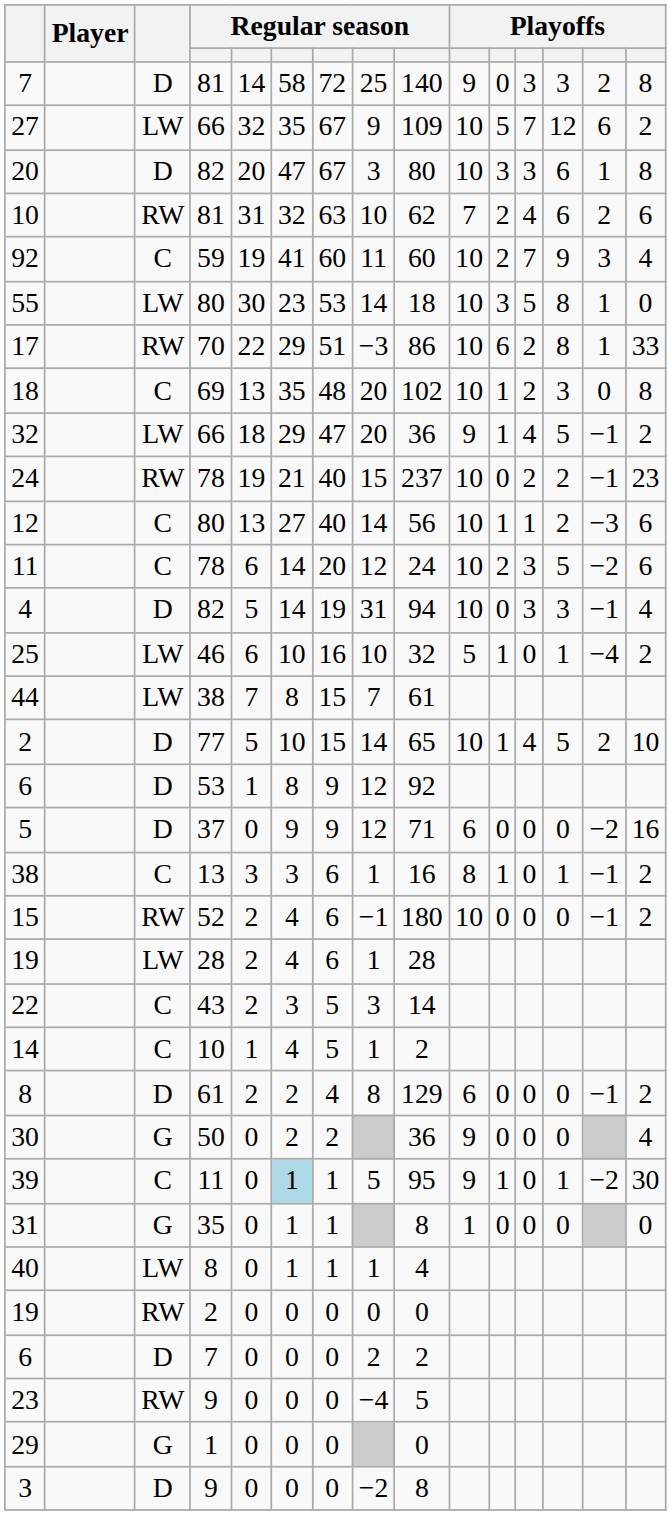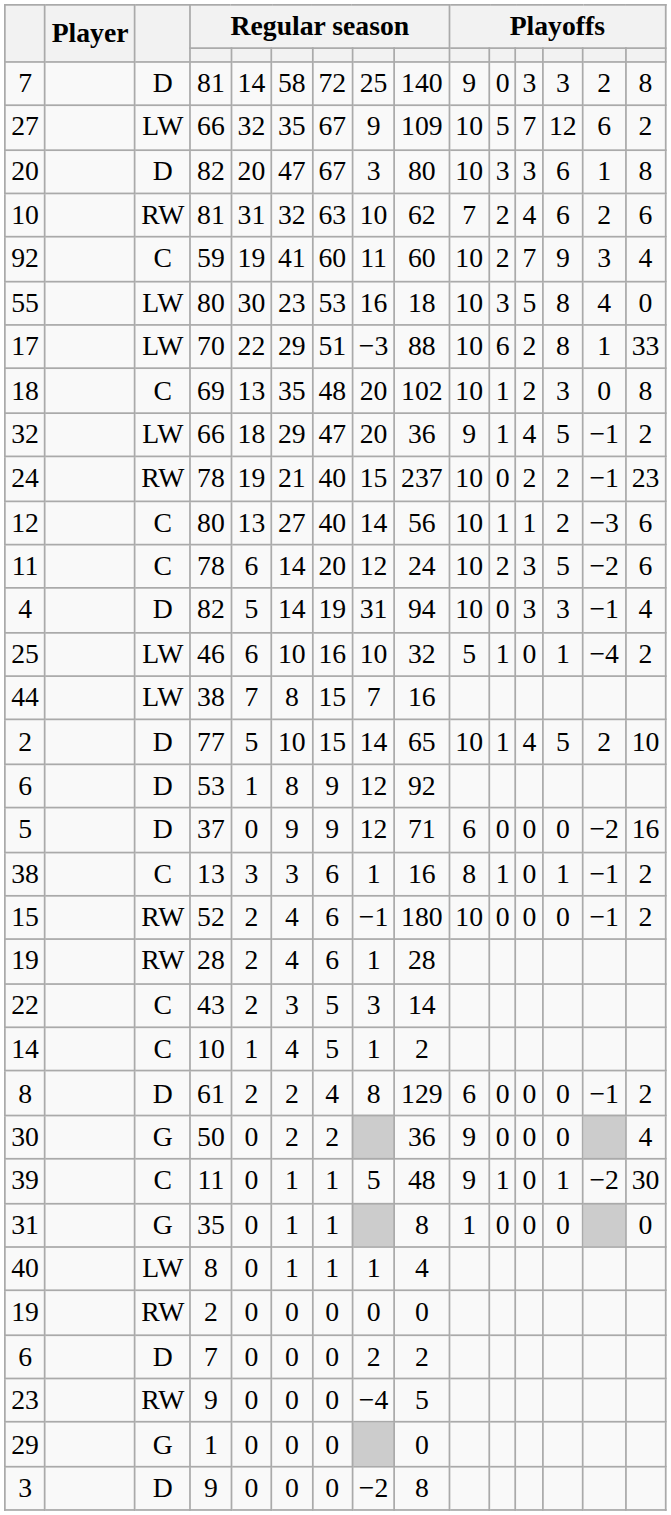 <table class="wikitable sortable plainrowheaders" style="text-align:center;">
 <tr>
 <th scope="col" data-sort-type="number" rowspan="2"></th>
 <th scope="col" rowspan="2">Player</th>
 <th scope="col" rowspan="2"></th>
 <th scope=colgroup colspan=6>Regular season</th>
 <th scope=colgroup colspan=6>Playoffs</th>
 </tr>
 <tr>
 <th scope="col" data-sort-type="number"></th>
 <th scope="col" data-sort-type="number"></th>
 <th scope="col" data-sort-type="number"></th>
 <th scope="col" data-sort-type="number"></th>
 <th scope="col" data-sort-type="number"></th>
 <th scope="col" data-sort-type="number"></th>
 <th scope="col" data-sort-type="number"></th>
 <th scope="col" data-sort-type="number"></th>
 <th scope="col" data-sort-type="number"></th>
 <th scope="col" data-sort-type="number"></th>
 <th scope="col" data-sort-type="number"></th>
 <th scope="col" data-sort-type="number"></th>
 </tr>
 <tr>
 <td scope="row">7</td>
 <td align="left"></td>
 <td>D</td>
 <td>81</td>
 <td>14</td>
 <td>58</td>
 <td>72</td>
 <td>25</td>
 <td>140</td>
 <td>9</td>
 <td>0</td>
 <td>3</td>
 <td>3</td>
 <td>2</td>
 <td>8</td>
 </tr>
 <tr>
 <td scope="row">27</td>
 <td align="left"></td>
 <td>LW</td>
 <td>66</td>
 <td>32</td>
 <td>35</td>
 <td>67</td>
 <td>9</td>
 <td>109</td>
 <td>10</td>
 <td>5</td>
 <td>7</td>
 <td>12</td>
 <td>6</td>
 <td>2</td>
 </tr>
 <tr>
 <td scope="row">20</td>
 <td align="left"></td>
 <td>D</td>
 <td>82</td>
 <td>20</td>
 <td>47</td>
 <td>67</td>
 <td>3</td>
 <td>80</td>
 <td>10</td>
 <td>3</td>
 <td>3</td>
 <td>6</td>
 <td>1</td>
 <td>8</td>
 </tr>
 <tr>
 <td scope="row">10</td>
 <td align="left"></td>
 <td>RW</td>
 <td>81</td>
 <td>31</td>
 <td>32</td>
 <td>63</td>
 <td>10</td>
 <td>62</td>
 <td>7</td>
 <td>2</td>
 <td>4</td>
 <td>6</td>
 <td>2</td>
 <td>6</td>
 </tr>
 <tr>
 <td scope="row">92</td>
 <td align="left"></td>
 <td>C</td>
 <td>59</td>
 <td>19</td>
 <td>41</td>
 <td>60</td>
 <td>11</td>
 <td>60</td>
 <td>10</td>
 <td>2</td>
 <td>7</td>
 <td>9</td>
 <td>3</td>
 <td>4</td>
 </tr>
 <tr>
 <td scope="row">55</td>
 <td align="left"></td>
 <td>LW</td>
 <td>80</td>
 <td>30</td>
 <td>23</td>
 <td>53</td>
-<td>14</td>
+<td>16</td>
 <td>18</td>
 <td>10</td>
 <td>3</td>
 <td>5</td>
 <td>8</td>
-<td>1</td>
+<td>4</td>
 <td>0</td>
 </tr>
 <tr>
 <td scope="row">17</td>
 <td align="left"></td>
-<td>RW</td>
+<td>LW</td>
 <td>70</td>
 <td>22</td>
 <td>29</td>
 <td>51</td>
 <td>−3</td>
-<td>86</td>
+<td>88</td>
 <td>10</td>
 <td>6</td>
 <td>2</td>
 <td>8</td>
 <td>1</td>
 <td>33</td>
 </tr>
 <tr>
 <td scope="row">18</td>
 <td align="left"></td>
 <td>C</td>
 <td>69</td>
 <td>13</td>
 <td>35</td>
 <td>48</td>
 <td>20</td>
 <td>102</td>
 <td>10</td>
 <td>1</td>
 <td>2</td>
 <td>3</td>
 <td>0</td>
 <td>8</td>
 </tr>
 <tr>
 <td scope="row">32</td>
 <td align="left"></td>
 <td>LW</td>
 <td>66</td>
 <td>18</td>
 <td>29</td>
 <td>47</td>
 <td>20</td>
 <td>36</td>
 <td>9</td>
 <td>1</td>
 <td>4</td>
 <td>5</td>
 <td>−1</td>
 <td>2</td>
 </tr>
 <tr>
 <td scope="row">24</td>
 <td align="left"></td>
 <td>RW</td>
 <td>78</td>
 <td>19</td>
 <td>21</td>
 <td>40</td>
 <td>15</td>
 <td>237</td>
 <td>10</td>
 <td>0</td>
 <td>2</td>
 <td>2</td>
 <td>−1</td>
 <td>23</td>
 </tr>
 <tr>
 <td scope="row">12</td>
 <td align="left"></td>
 <td>C</td>
 <td>80</td>
 <td>13</td>
 <td>27</td>
 <td>40</td>
 <td>14</td>
 <td>56</td>
 <td>10</td>
 <td>1</td>
 <td>1</td>
 <td>2</td>
 <td>−3</td>
 <td>6</td>
 </tr>
 <tr>
 <td scope="row">11</td>
 <td align="left"></td>
 <td>C</td>
 <td>78</td>
 <td>6</td>
 <td>14</td>
 <td>20</td>
 <td>12</td>
 <td>24</td>
 <td>10</td>
 <td>2</td>
 <td>3</td>
 <td>5</td>
 <td>−2</td>
 <td>6</td>
 </tr>
 <tr>
 <td scope="row">4</td>
 <td align="left"></td>
 <td>D</td>
 <td>82</td>
 <td>5</td>
 <td>14</td>
 <td>19</td>
 <td>31</td>
 <td>94</td>
 <td>10</td>
 <td>0</td>
 <td>3</td>
 <td>3</td>
 <td>−1</td>
 <td>4</td>
 </tr>
 <tr>
 <td scope="row">25</td>
 <td align="left"></td>
 <td>LW</td>
 <td>46</td>
 <td>6</td>
 <td>10</td>
 <td>16</td>
 <td>10</td>
 <td>32</td>
 <td>5</td>
 <td>1</td>
 <td>0</td>
 <td>1</td>
 <td>−4</td>
 <td>2</td>
 </tr>
 <tr>
 <td scope="row">44</td>
 <td align="left"></td>
 <td>LW</td>
 <td>38</td>
 <td>7</td>
 <td>8</td>
 <td>15</td>
 <td>7</td>
-<td>61</td>
+<td>16</td>
 <td></td>
 <td></td>
 <td></td>
 <td></td>
 <td></td>
 <td></td>
 </tr>
 <tr>
 <td scope="row">2</td>
 <td align="left"></td>
 <td>D</td>
 <td>77</td>
 <td>5</td>
 <td>10</td>
 <td>15</td>
 <td>14</td>
 <td>65</td>
 <td>10</td>
 <td>1</td>
 <td>4</td>
 <td>5</td>
 <td>2</td>
 <td>10</td>
 </tr>
 <tr>
 <td scope="row">6</td>
 <td align="left"></td>
 <td>D</td>
 <td>53</td>
 <td>1</td>
 <td>8</td>
 <td>9</td>
 <td>12</td>
 <td>92</td>
 <td></td>
 <td></td>
 <td></td>
 <td></td>
 <td></td>
 <td></td>
 </tr>
 <tr>
 <td scope="row">5</td>
 <td align="left"></td>
 <td>D</td>
 <td>37</td>
 <td>0</td>
 <td>9</td>
 <td>9</td>
 <td>12</td>
 <td>71</td>
 <td>6</td>
 <td>0</td>
 <td>0</td>
 <td>0</td>
 <td>−2</td>
 <td>16</td>
 </tr>
 <tr>
 <td scope="row">38</td>
 <td align="left"></td>
 <td>C</td>
 <td>13</td>
 <td>3</td>
 <td>3</td>
 <td>6</td>
 <td>1</td>
 <td>16</td>
 <td>8</td>
 <td>1</td>
 <td>0</td>
 <td>1</td>
 <td>−1</td>
 <td>2</td>
 </tr>
 <tr>
 <td scope="row">15</td>
 <td align="left"></td>
 <td>RW</td>
 <td>52</td>
 <td>2</td>
 <td>4</td>
 <td>6</td>
 <td>−1</td>
 <td>180</td>
 <td>10</td>
 <td>0</td>
 <td>0</td>
 <td>0</td>
 <td>−1</td>
 <td>2</td>
 </tr>
 <tr>
 <td scope="row">19</td>
 <td align="left"></td>
-<td>LW</td>
+<td>RW</td>
 <td>28</td>
 <td>2</td>
 <td>4</td>
 <td>6</td>
 <td>1</td>
 <td>28</td>
 <td></td>
 <td></td>
 <td></td>
 <td></td>
 <td></td>
 <td></td>
 </tr>
 <tr>
 <td scope="row">22</td>
 <td align="left"></td>
 <td>C</td>
 <td>43</td>
 <td>2</td>
 <td>3</td>
 <td>5</td>
 <td>3</td>
 <td>14</td>
 <td></td>
 <td></td>
 <td></td>
 <td></td>
 <td></td>
 <td></td>
 </tr>
 <tr>
 <td scope="row">14</td>
 <td align="left"></td>
 <td>C</td>
 <td>10</td>
 <td>1</td>
 <td>4</td>
 <td>5</td>
 <td>1</td>
 <td>2</td>
 <td></td>
 <td></td>
 <td></td>
 <td></td>
 <td></td>
 <td></td>
 </tr>
 <tr>
 <td scope="row">8</td>
 <td align="left"></td>
 <td>D</td>
 <td>61</td>
 <td>2</td>
 <td>2</td>
 <td>4</td>
 <td>8</td>
 <td>129</td>
 <td>6</td>
 <td>0</td>
 <td>0</td>
 <td>0</td>
 <td>−1</td>
 <td>2</td>
 </tr>
 <tr>
 <td scope="row">30</td>
 <td align="left"></td>
 <td>G</td>
 <td>50</td>
 <td>0</td>
 <td>2</td>
 <td>2</td>
 <td style="background:#ccc"></td>
 <td>36</td>
 <td>9</td>
 <td>0</td>
 <td>0</td>
 <td>0</td>
 <td style="background:#ccc"></td>
 <td>4</td>
 </tr>
 <tr>
 <td scope="row">39</td>
 <td align="left"></td>
 <td>C</td>
 <td>11</td>
 <td>0</td>
-<td style="background: lightblue;">1</td>
+<td>1</td>
 <td>1</td>
 <td>5</td>
-<td>95</td>
+<td>48</td>
 <td>9</td>
 <td>1</td>
 <td>0</td>
 <td>1</td>
 <td>−2</td>
 <td>30</td>
 </tr>
 <tr>
 <td scope="row">31</td>
 <td align="left"></td>
 <td>G</td>
 <td>35</td>
 <td>0</td>
 <td>1</td>
 <td>1</td>
 <td style="background:#ccc"></td>
 <td>8</td>
 <td>1</td>
 <td>0</td>
 <td>0</td>
 <td>0</td>
 <td style="background:#ccc"></td>
 <td>0</td>
 </tr>
 <tr>
 <td scope="row">40</td>
 <td align="left"></td>
 <td>LW</td>
 <td>8</td>
 <td>0</td>
 <td>1</td>
 <td>1</td>
 <td>1</td>
 <td>4</td>
 <td></td>
 <td></td>
 <td></td>
 <td></td>
 <td></td>
 <td></td>
 </tr>
 <tr>
 <td scope="row">19</td>
 <td align="left"></td>
 <td>RW</td>
 <td>2</td>
 <td>0</td>
 <td>0</td>
 <td>0</td>
 <td>0</td>
 <td>0</td>
 <td></td>
 <td></td>
 <td></td>
 <td></td>
 <td></td>
 <td></td>
 </tr>
 <tr>
 <td scope="row">6</td>
 <td align="left"></td>
 <td>D</td>
 <td>7</td>
 <td>0</td>
 <td>0</td>
 <td>0</td>
 <td>2</td>
 <td>2</td>
 <td></td>
 <td></td>
 <td></td>
 <td></td>
 <td></td>
 <td></td>
 </tr>
 <tr>
 <td scope="row">23</td>
 <td align="left"></td>
 <td>RW</td>
 <td>9</td>
 <td>0</td>
 <td>0</td>
 <td>0</td>
 <td>−4</td>
 <td>5</td>
 <td></td>
 <td></td>
 <td></td>
 <td></td>
 <td></td>
 <td></td>
 </tr>
 <tr>
 <td scope="row">29</td>
 <td align="left"></td>
 <td>G</td>
 <td>1</td>
 <td>0</td>
 <td>0</td>
 <td>0</td>
 <td style="background:#ccc"></td>
 <td>0</td>
 <td></td>
 <td></td>
 <td></td>
 <td></td>
 <td></td>
 <td></td>
 </tr>
 <tr>
 <td scope="row">3</td>
 <td align="left"></td>
 <td>D</td>
 <td>9</td>
 <td>0</td>
 <td>0</td>
 <td>0</td>
 <td>−2</td>
 <td>8</td>
 <td></td>
 <td></td>
 <td></td>
 <td></td>
 <td></td>
 <td></td>
 </tr>
 </table>
